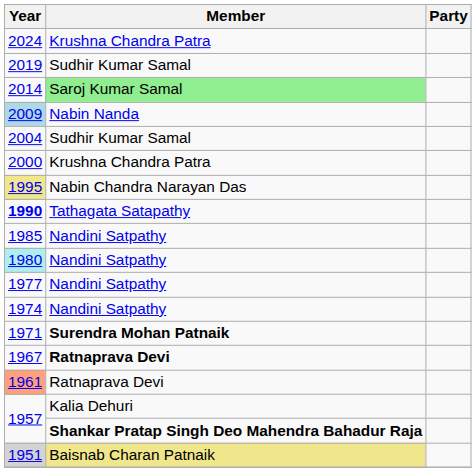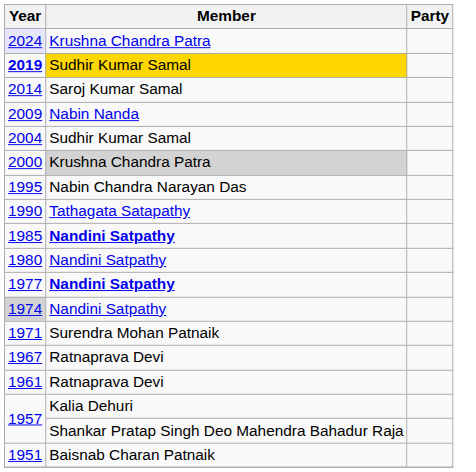 <table class="wikitable sortable">
 <tr>
 <th>Year</th>
 <th>Member</th>
 <th colspan=2>Party</th>
 </tr>
 <tr>
-<td><a href='#'>2024</a></td>
+<td style="background: lavender;"><a href='#'>2024</a></td>
 <td><a href='#'>Krushna Chandra Patra</a></td>
 <td></td>
 </tr>
 <tr>
-<td><a href='#'>2019</a></td>
-<td>Sudhir Kumar Samal</td>
+<td><strong><a href='#'>2019</a></strong></td>
+<td style="background: gold;">Sudhir Kumar Samal</td>
 <td></td>
 </tr>
 <tr>
 <td><a href='#'>2014</a></td>
-<td style="background: lightgreen;">Saroj Kumar Samal</td>
+<td>Saroj Kumar Samal</td>
 <td></td>
 </tr>
 <tr>
-<td style="background: lightblue;"><a href='#'>2009</a></td>
+<td><a href='#'>2009</a></td>
 <td><a href='#'>Nabin Nanda</a></td>
 <td></td>
 </tr>
 <tr>
 <td><a href='#'>2004</a></td>
 <td>Sudhir Kumar Samal</td>
 <td></td>
 </tr>
 <tr>
 <td><a href='#'>2000</a></td>
-<td>Krushna Chandra Patra</td>
+<td style="background: lightgrey;">Krushna Chandra Patra</td>
 <td></td>
 </tr>
 <tr>
-<td style="background: khaki;"><a href='#'>1995</a></td>
+<td><a href='#'>1995</a></td>
 <td>Nabin Chandra Narayan Das</td>
 <td></td>
 </tr>
 <tr>
-<td><strong><a href='#'>1990</a></strong></td>
+<td><a href='#'>1990</a></td>
 <td><a href='#'>Tathagata Satapathy</a></td>
 <td></td>
 </tr>
 <tr>
 <td><a href='#'>1985</a></td>
-<td><a href='#'>Nandini Satpathy</a></td>
+<td><strong><a href='#'>Nandini Satpathy</a></strong></td>
 <td></td>
 </tr>
 <tr>
-<td style="background: paleturquoise;"><a href='#'>1980</a></td>
+<td><a href='#'>1980</a></td>
 <td><a href='#'>Nandini Satpathy</a></td>
 <td></td>
 </tr>
 <tr>
 <td><a href='#'>1977</a></td>
-<td><a href='#'>Nandini Satpathy</a></td>
+<td><strong><a href='#'>Nandini Satpathy</a></strong></td>
 <td></td>
 </tr>
 <tr>
-<td><a href='#'>1974</a></td>
+<td style="background: lightgrey;"><a href='#'>1974</a></td>
 <td><a href='#'>Nandini Satpathy</a></td>
 <td></td>
 </tr>
 <tr>
 <td><a href='#'>1971</a></td>
-<td><strong>Surendra Mohan Patnaik</strong></td>
+<td>Surendra Mohan Patnaik</td>
 <td></td>
 </tr>
 <tr>
 <td><a href='#'>1967</a></td>
-<td><strong>Ratnaprava Devi</strong></td>
+<td>Ratnaprava Devi</td>
 <td></td>
 </tr>
 <tr>
-<td style="background: lightsalmon;"><a href='#'>1961</a></td>
+<td><a href='#'>1961</a></td>
 <td>Ratnaprava Devi</td>
 <td></td>
 </tr>
 <tr>
 <td rowspan="2"><a href='#'>1957</a></td>
 <td>Kalia Dehuri</td>
 <td></td>
 </tr>
 <tr>
-<td><strong>Shankar Pratap Singh Deo Mahendra Bahadur Raja</strong></td>
+<td>Shankar Pratap Singh Deo Mahendra Bahadur Raja</td>
 <td></td>
 </tr>
 <tr>
-<td style="background: lightgrey;"><a href='#'>1951</a></td>
-<td style="background: khaki;">Baisnab Charan Patnaik</td>
+<td><a href='#'>1951</a></td>
+<td>Baisnab Charan Patnaik</td>
 <td></td>
 </tr>
 <tr>
 </tr>
 </table>
